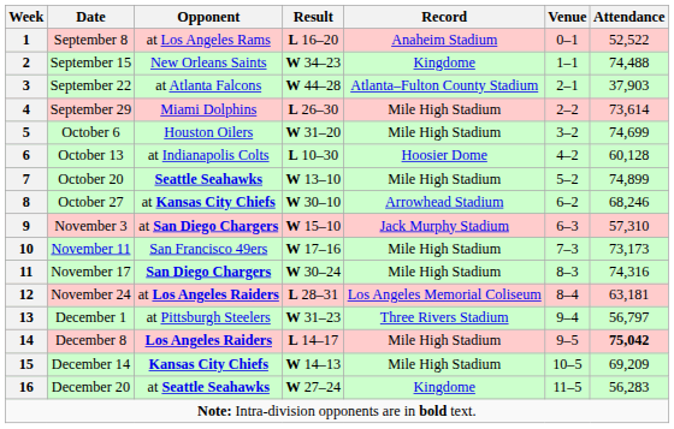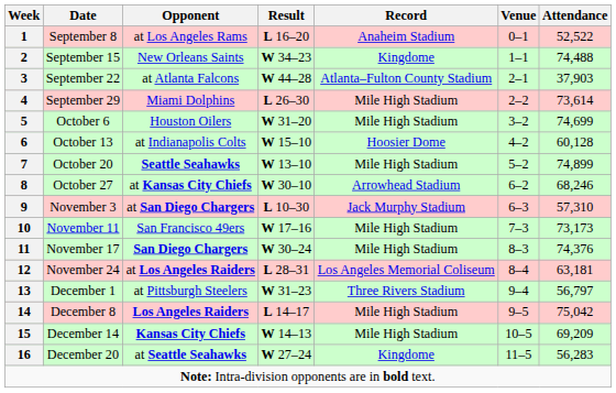 <table class="wikitable" style="text-align:center">
 <tr>
 <th>Week</th>
 <th>Date</th>
 <th>Opponent</th>
 <th>Result</th>
 <th>Record</th>
 <th>Venue</th>
 <th>Attendance</th>
 </tr>
 <tr style="background:#fcc">
 <th>1</th>
 <td>September 8</td>
 <td>at <a href='#'>Los Angeles Rams</a></td>
 <td><strong>L</strong> 16–20</td>
 <td><a href='#'>Anaheim Stadium</a></td>
 <td>0–1</td>
 <td>52,522</td>
 </tr>
 <tr style="background:#cfc">
 <th>2</th>
 <td>September 15</td>
 <td><a href='#'>New Orleans Saints</a></td>
 <td><strong>W</strong> 34–23</td>
 <td><a href='#'>Kingdome</a></td>
 <td>1–1</td>
 <td>74,488</td>
 </tr>
 <tr style="background:#cfc">
 <th>3</th>
 <td>September 22</td>
 <td>at <a href='#'>Atlanta Falcons</a></td>
 <td><strong>W</strong> 44–28</td>
 <td><a href='#'>Atlanta–Fulton County Stadium</a></td>
 <td>2–1</td>
 <td>37,903</td>
 </tr>
 <tr style="background:#fcc">
 <th>4</th>
 <td>September 29</td>
 <td><a href='#'>Miami Dolphins</a></td>
 <td><strong>L</strong> 26–30</td>
 <td>Mile High Stadium</td>
 <td>2–2</td>
 <td>73,614</td>
 </tr>
 <tr style="background:#cfc">
 <th>5</th>
 <td>October 6</td>
 <td><a href='#'>Houston Oilers</a></td>
 <td><strong>W</strong> 31–20</td>
 <td>Mile High Stadium</td>
 <td>3–2</td>
 <td>74,699</td>
 </tr>
 <tr style="background:#cfc">
 <th>6</th>
 <td>October 13</td>
 <td>at <a href='#'>Indianapolis Colts</a></td>
-<td><strong>L</strong> 10–30</td>
+<td><strong>W</strong> 15–10</td>
 <td><a href='#'>Hoosier Dome</a></td>
 <td>4–2</td>
 <td>60,128</td>
 </tr>
 <tr style="background:#cfc">
 <th>7</th>
 <td>October 20</td>
 <td><strong><a href='#'>Seattle Seahawks</a></strong></td>
 <td><strong>W</strong> 13–10 </td>
 <td>Mile High Stadium</td>
 <td>5–2</td>
 <td>74,899</td>
 </tr>
 <tr style="background:#cfc">
 <th>8</th>
 <td>October 27</td>
 <td>at <strong><a href='#'>Kansas City Chiefs</a></strong></td>
 <td><strong>W</strong> 30–10</td>
 <td><a href='#'>Arrowhead Stadium</a></td>
 <td>6–2</td>
 <td>68,246</td>
 </tr>
 <tr style="background:#fcc">
 <th>9</th>
 <td>November 3</td>
 <td>at <strong><a href='#'>San Diego Chargers</a></strong></td>
-<td><strong>W</strong> 15–10</td>
+<td><strong>L</strong> 10–30</td>
 <td><a href='#'>Jack Murphy Stadium</a></td>
 <td>6–3</td>
 <td>57,310</td>
 </tr>
 <tr style="background:#cfc">
 <th>10</th>
 <td><a href='#'>November 11</a></td>
 <td><a href='#'>San Francisco 49ers</a></td>
 <td><strong>W</strong> 17–16</td>
 <td>Mile High Stadium</td>
 <td>7–3</td>
 <td>73,173</td>
 </tr>
 <tr style="background:#cfc">
 <th>11</th>
 <td>November 17</td>
 <td><strong><a href='#'>San Diego Chargers</a></strong></td>
 <td><strong>W</strong> 30–24 </td>
 <td>Mile High Stadium</td>
 <td>8–3</td>
-<td>74,316</td>
+<td>74,376</td>
 </tr>
 <tr style="background:#fcc">
 <th>12</th>
 <td>November 24</td>
 <td>at <strong><a href='#'>Los Angeles Raiders</a></strong></td>
 <td><strong>L</strong> 28–31 </td>
 <td><a href='#'>Los Angeles Memorial Coliseum</a></td>
 <td>8–4</td>
 <td>63,181</td>
 </tr>
 <tr style="background:#cfc">
 <th>13</th>
 <td>December 1</td>
 <td>at <a href='#'>Pittsburgh Steelers</a></td>
 <td><strong>W</strong> 31–23</td>
 <td><a href='#'>Three Rivers Stadium</a></td>
 <td>9–4</td>
 <td>56,797</td>
 </tr>
 <tr style="background:#fcc">
 <th>14</th>
 <td>December 8</td>
 <td><strong><a href='#'>Los Angeles Raiders</a></strong></td>
 <td><strong>L</strong> 14–17 </td>
 <td>Mile High Stadium</td>
 <td>9–5</td>
-<td><strong>75,042</strong></td>
+<td>75,042</td>
 </tr>
 <tr style="background:#cfc">
 <th>15</th>
 <td>December 14</td>
 <td><strong><a href='#'>Kansas City Chiefs</a></strong></td>
 <td><strong>W</strong> 14–13</td>
 <td>Mile High Stadium</td>
 <td>10–5</td>
 <td>69,209</td>
 </tr>
 <tr style="background:#cfc">
 <th>16</th>
 <td>December 20</td>
 <td>at <strong><a href='#'>Seattle Seahawks</a></strong></td>
 <td><strong>W</strong> 27–24</td>
 <td><a href='#'>Kingdome</a></td>
 <td>11–5</td>
 <td>56,283</td>
 </tr>
 <tr>
 <td colspan="8"><strong>Note:</strong> Intra-division opponents are in <strong>bold</strong> text.</td>
 </tr>
 </table>
